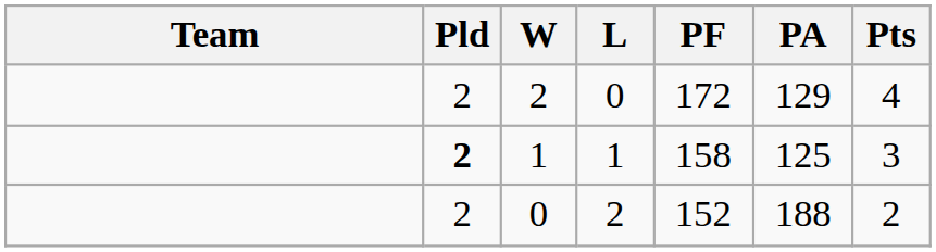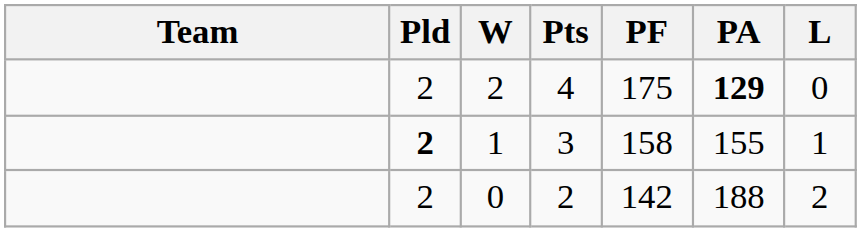 <table class="wikitable" style="text-align:center;">
 <tr>
 <th width=170>Team</th>
 <th width=25>Pld</th>
 <th width=25>W</th>
-<th width=25>L</th>
+<th width=25>Pts</th>
 <th width=35>PF</th>
 <th width=35>PA</th>
-<th width=25>Pts</th>
+<th width=25>L</th>
 </tr>
 <tr>
 <td align="left"></td>
 <td>2</td>
 <td>2</td>
+<td>4</td>
+<td>175</td>
+<td><strong>129</strong></td>
 <td>0</td>
-<td>172</td>
-<td>129</td>
-<td>4</td>
 </tr>
 <tr>
 <td align="left"></td>
 <td><strong>2</strong></td>
 <td>1</td>
+<td>3</td>
+<td>158</td>
+<td>155</td>
 <td>1</td>
-<td>158</td>
-<td>125</td>
-<td>3</td>
 </tr>
 <tr>
 <td align="left"></td>
 <td>2</td>
 <td>0</td>
 <td>2</td>
-<td>152</td>
+<td>142</td>
 <td>188</td>
 <td>2</td>
 </tr>
 </table>
